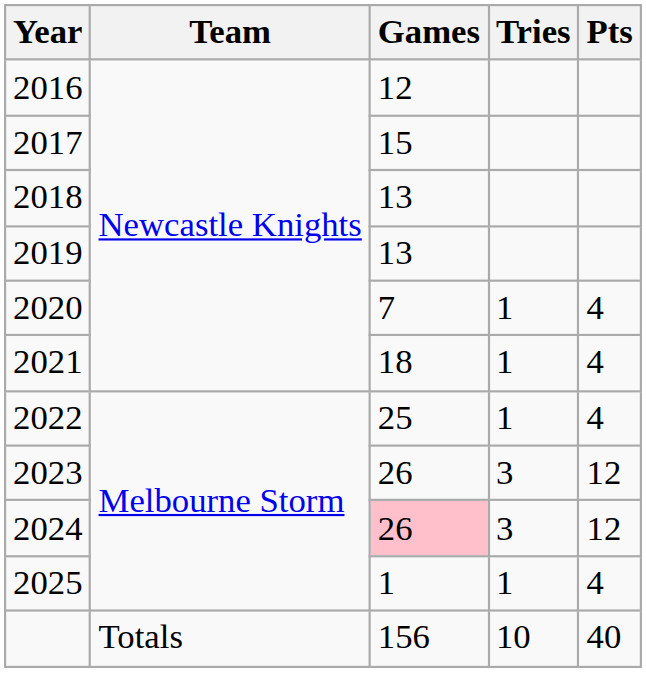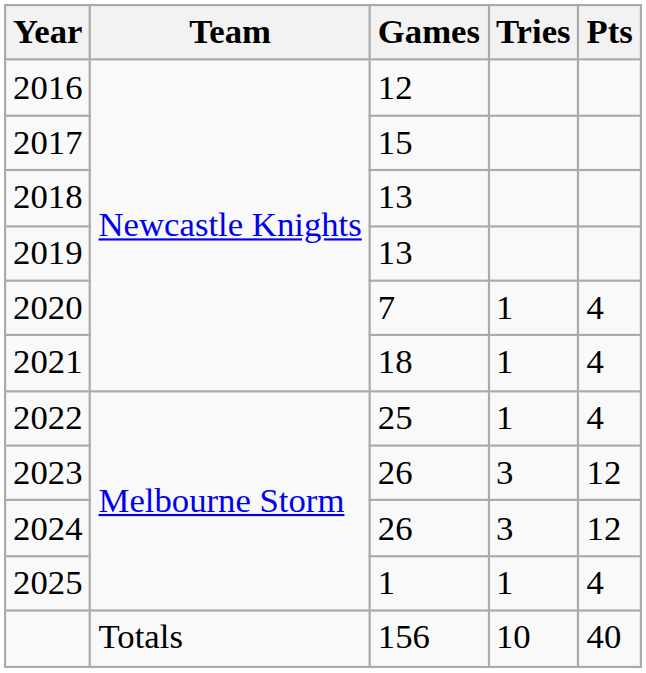 <table class="wikitable">
 <tr>
 <th>Year</th>
 <th>Team</th>
 <th>Games</th>
 <th>Tries</th>
 <th>Pts</th>
 </tr>
 <tr>
 <td>2016</td>
 <td rowspan="6"> <a href='#'>Newcastle Knights</a></td>
 <td>12</td>
 <td></td>
 <td></td>
 </tr>
 <tr>
 <td>2017</td>
 <td>15</td>
 <td></td>
 <td></td>
 </tr>
 <tr>
 <td>2018</td>
 <td>13</td>
 <td></td>
 <td></td>
 </tr>
 <tr>
 <td>2019</td>
 <td>13</td>
 <td></td>
 <td></td>
 </tr>
 <tr>
 <td>2020</td>
 <td>7</td>
 <td>1</td>
 <td>4</td>
 </tr>
 <tr>
 <td>2021</td>
 <td>18</td>
 <td>1</td>
 <td>4</td>
 </tr>
 <tr>
 <td>2022</td>
 <td rowspan="4"> <a href='#'>Melbourne Storm</a></td>
 <td>25</td>
 <td>1</td>
 <td>4</td>
 </tr>
 <tr>
 <td>2023</td>
 <td>26</td>
 <td>3</td>
 <td>12</td>
 </tr>
 <tr>
 <td>2024</td>
-<td style="background: pink;">26</td>
+<td>26</td>
 <td>3</td>
 <td>12</td>
 </tr>
 <tr>
 <td>2025</td>
 <td>1</td>
 <td>1</td>
 <td>4</td>
 </tr>
 <tr>
 <td></td>
 <td>Totals</td>
 <td>156</td>
 <td>10</td>
 <td>40</td>
 </tr>
 </table>
